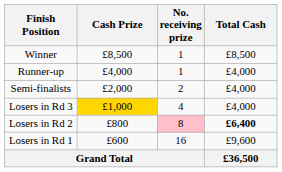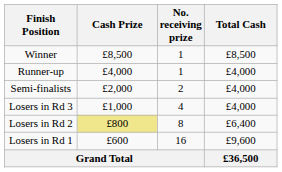 <table class="wikitable" style="text-align:center;">
 <tr>
 <th width=100 abbr="Finish Position">Finish Position</th>
 <th width=110 abbr="Cash Prize">Cash Prize</th>
 <th width=50 abbr="No. receiving prize">No. receiving prize</th>
 <th width=100 abbr="Total Cash">Total Cash</th>
 </tr>
 <tr>
 <td>Winner</td>
 <td>£8,500</td>
 <td>1</td>
 <td>£8,500</td>
 </tr>
 <tr>
 <td>Runner-up</td>
 <td>£4,000</td>
 <td>1</td>
 <td>£4,000</td>
 </tr>
 <tr>
 <td>Semi-finalists</td>
 <td>£2,000</td>
 <td>2</td>
 <td>£4,000</td>
 </tr>
 <tr>
 <td>Losers in Rd 3</td>
-<td style="background: gold;">£1,000</td>
+<td>£1,000</td>
 <td>4</td>
 <td>£4,000</td>
 </tr>
 <tr>
 <td>Losers in Rd 2</td>
-<td>£800</td>
-<td style="background: pink;">8</td>
-<td><strong>£6,400</strong></td>
+<td style="background: khaki;">£800</td>
+<td>8</td>
+<td>£6,400</td>
 </tr>
 <tr>
 <td>Losers in Rd 1</td>
 <td>£600</td>
 <td>16</td>
 <td>£9,600</td>
 </tr>
 <tr>
 <th colspan="3">Grand Total</th>
 <th>£36,500</th>
 </tr>
 </table>
